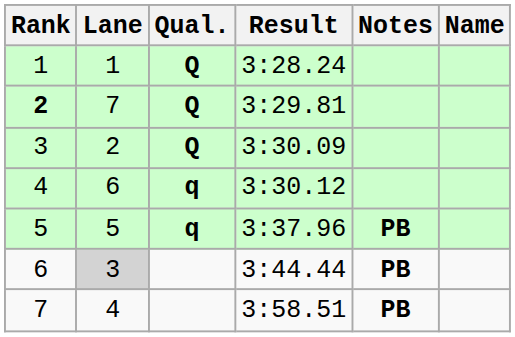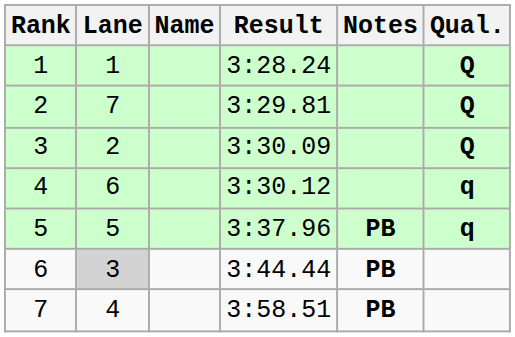 <table class="wikitable" style="text-align:center">
 <tr>
 <th>Rank</th>
 <th>Lane</th>
-<th>Qual.</th>
+<th>Name</th>
 <th>Result</th>
 <th>Notes</th>
-<th>Name</th>
+<th>Qual.</th>
 </tr>
 <tr bgcolor=ccffcc>
 <td>1</td>
 <td>1</td>
-<td><strong>Q</strong></td>
+<td align="left"></td>
 <td>3:28.24</td>
 <td></td>
-<td align="left"></td>
+<td><strong>Q</strong></td>
 </tr>
 <tr bgcolor=ccffcc>
-<td><strong>2</strong></td>
+<td>2</td>
 <td>7</td>
-<td><strong>Q</strong></td>
+<td align="left"></td>
 <td>3:29.81</td>
 <td></td>
-<td align="left"></td>
+<td><strong>Q</strong></td>
 </tr>
 <tr bgcolor=ccffcc>
 <td>3</td>
 <td>2</td>
-<td><strong>Q</strong></td>
+<td align="left"></td>
 <td>3:30.09</td>
 <td></td>
-<td align="left"></td>
+<td><strong>Q</strong></td>
 </tr>
 <tr bgcolor=ccffcc>
 <td>4</td>
 <td>6</td>
-<td><strong>q</strong></td>
+<td align="left"></td>
 <td>3:30.12</td>
 <td></td>
-<td align="left"></td>
+<td><strong>q</strong></td>
 </tr>
 <tr bgcolor=ccffcc>
 <td>5</td>
 <td>5</td>
-<td><strong>q</strong></td>
+<td align="left"></td>
 <td>3:37.96</td>
 <td><strong>PB</strong></td>
-<td align="left"></td>
+<td><strong>q</strong></td>
 </tr>
 <tr>
 <td>6</td>
 <td style="background: lightgrey;">3</td>
-<td></td>
+<td align="left"></td>
 <td>3:44.44</td>
 <td><strong>PB</strong></td>
-<td align="left"></td>
+<td></td>
 </tr>
 <tr>
 <td>7</td>
 <td>4</td>
-<td></td>
+<td align="left"></td>
 <td>3:58.51</td>
 <td><strong>PB</strong></td>
-<td align="left"></td>
+<td></td>
 </tr>
 </table>
